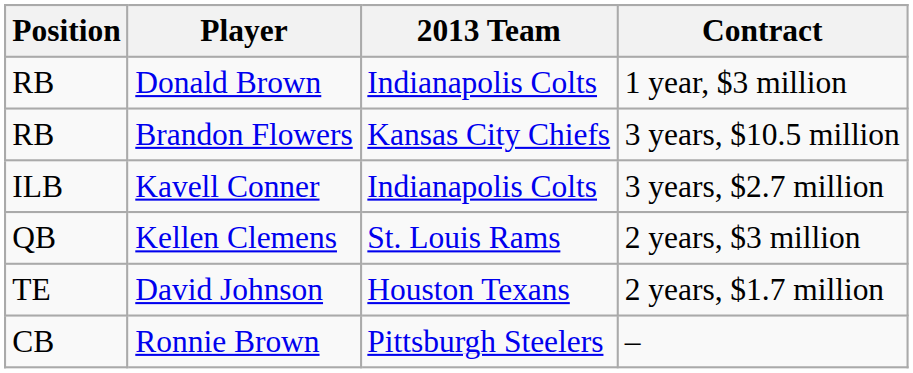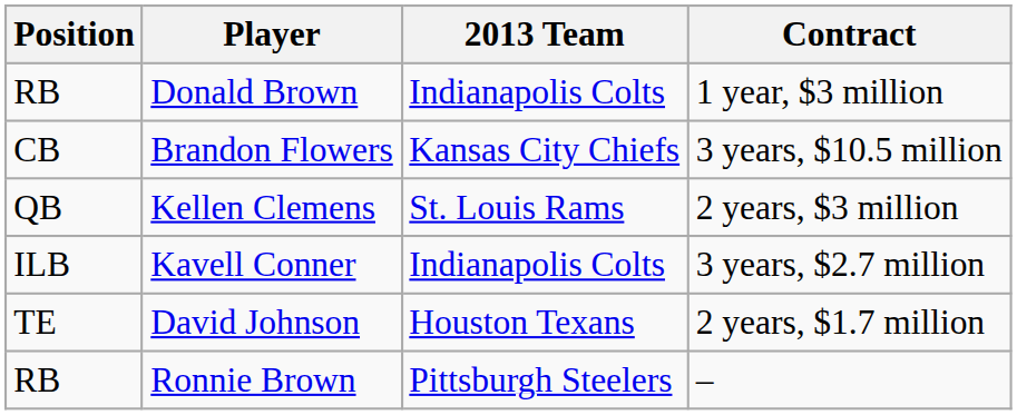 <table class="wikitable" style="font-size: 95%; text-align: left">
 <tr>
 <th>Position</th>
 <th>Player</th>
 <th>2013 Team</th>
 <th>Contract</th>
 </tr>
 <tr>
 <td>RB</td>
 <td><a href='#'>Donald Brown</a></td>
 <td><a href='#'>Indianapolis Colts</a></td>
 <td>1 year, $3 million</td>
 </tr>
 <tr>
-<td>RB</td>
+<td>CB</td>
 <td><a href='#'>Brandon Flowers</a></td>
 <td><a href='#'>Kansas City Chiefs</a></td>
 <td>3 years, $10.5 million</td>
+</tr>
+<tr>
+<td>QB</td>
+<td><a href='#'>Kellen Clemens</a></td>
+<td><a href='#'>St. Louis Rams</a></td>
+<td>2 years, $3 million</td>
 </tr>
 <tr>
 <td>ILB</td>
 <td><a href='#'>Kavell Conner</a></td>
 <td><a href='#'>Indianapolis Colts</a></td>
 <td>3 years, $2.7 million</td>
 </tr>
 <tr>
-<td>QB</td>
-<td><a href='#'>Kellen Clemens</a></td>
-<td><a href='#'>St. Louis Rams</a></td>
-<td>2 years, $3 million</td>
-</tr>
-<tr>
 <td>TE</td>
 <td><a href='#'>David Johnson</a></td>
 <td><a href='#'>Houston Texans</a></td>
 <td>2 years, $1.7 million</td>
 </tr>
 <tr>
-<td>CB</td>
+<td>RB</td>
 <td><a href='#'>Ronnie Brown</a></td>
 <td><a href='#'>Pittsburgh Steelers</a></td>
 <td>–</td>
 </tr>
 </table>
